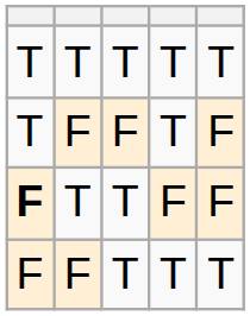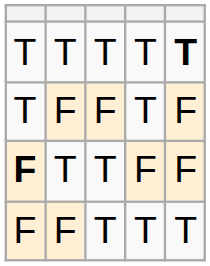 <table class="wikitable" style="margin:1em auto; text-align:center;">
 <tr>
 <th scope="col"  style="width:20%"></th>
 <th scope="col"  style="width:20%"></th>
 <th scope="col"  style="width:20%"></th>
 <th scope="col"  style="width:20%"></th>
 <th scope="col"  style="width:20%"></th>
 </tr>
 <tr>
 <td>T</td>
 <td>T</td>
 <td>T</td>
 <td>T</td>
-<td>T</td>
+<td><strong>T</strong></td>
 </tr>
 <tr>
 <td>T</td>
 <td style="background:papayawhip">F</td>
 <td style="background:papayawhip">F</td>
 <td>T</td>
 <td style="background:papayawhip">F</td>
 </tr>
 <tr>
 <td style="background:papayawhip"><strong>F</strong></td>
 <td>T</td>
 <td>T</td>
 <td style="background:papayawhip">F</td>
 <td style="background:papayawhip">F</td>
 </tr>
 <tr>
 <td style="background:papayawhip">F</td>
 <td style="background:papayawhip">F</td>
 <td>T</td>
 <td>T</td>
 <td>T</td>
 </tr>
 </table>
